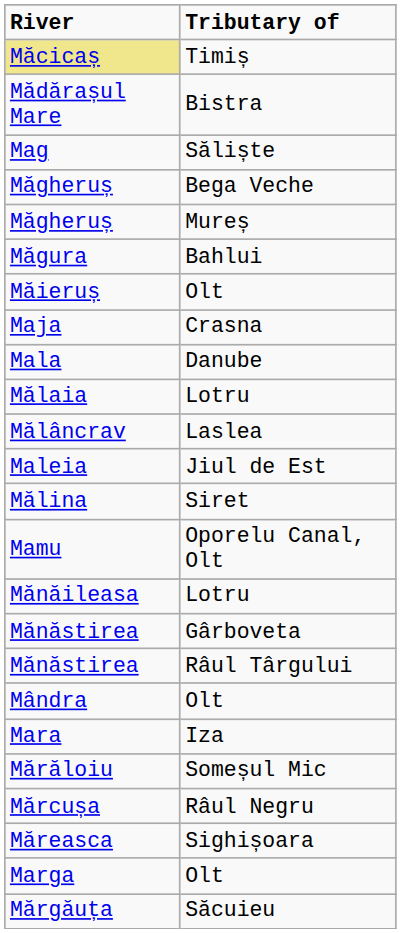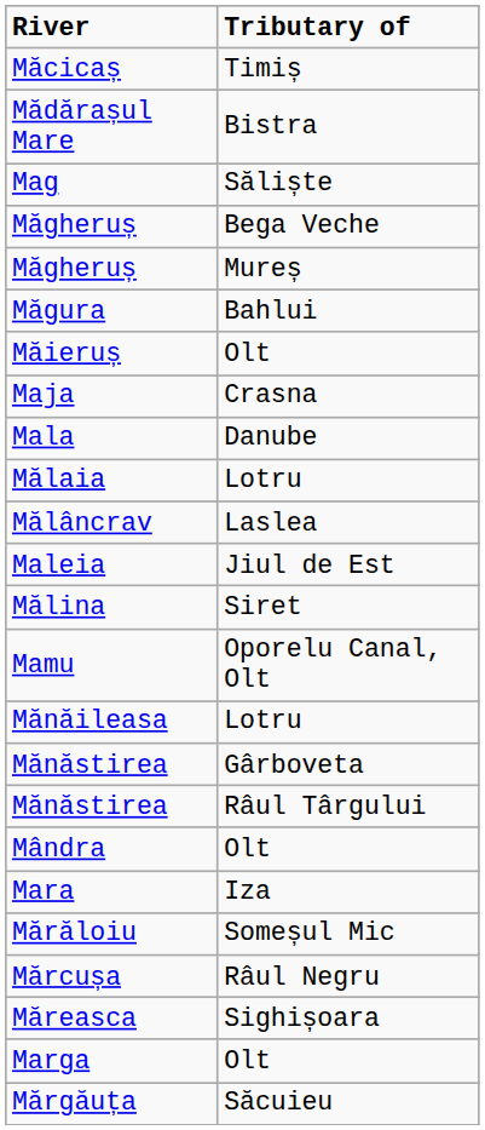 <table class="wikitable">
 <tr>
 <td width="100pt"><strong>River</strong></td>
 <td width="125pt"><strong>Tributary of</strong></td>
 </tr>
 <tr>
-<td style="background: khaki;"><a href='#'>Măcicaș</a></td>
+<td><a href='#'>Măcicaș</a></td>
 <td>Timiș</td>
 </tr>
 <tr>
 <td><a href='#'>Mădărașul Mare</a></td>
 <td>Bistra</td>
 </tr>
 <tr>
 <td><a href='#'>Mag</a></td>
 <td>Săliște</td>
 </tr>
 <tr>
 <td><a href='#'>Măgheruș</a></td>
 <td>Bega Veche</td>
 </tr>
 <tr>
 <td><a href='#'>Măgheruș</a></td>
 <td>Mureș</td>
 </tr>
 <tr>
 <td><a href='#'>Măgura</a></td>
 <td>Bahlui</td>
 </tr>
 <tr>
 <td><a href='#'>Măieruș</a></td>
 <td>Olt</td>
 </tr>
 <tr>
 <td><a href='#'>Maja</a></td>
 <td>Crasna</td>
 </tr>
 <tr>
 <td><a href='#'>Mala</a></td>
 <td>Danube</td>
 </tr>
 <tr>
 <td><a href='#'>Mălaia</a></td>
 <td>Lotru</td>
 </tr>
 <tr>
 <td><a href='#'>Mălâncrav</a></td>
 <td>Laslea</td>
 </tr>
 <tr>
 <td><a href='#'>Maleia</a></td>
 <td>Jiul de Est</td>
 </tr>
 <tr>
 <td><a href='#'>Mălina</a></td>
 <td>Siret</td>
 </tr>
 <tr>
 <td><a href='#'>Mamu</a></td>
 <td>Oporelu Canal, Olt</td>
 </tr>
 <tr>
 <td><a href='#'>Mănăileasa</a></td>
 <td>Lotru</td>
 </tr>
 <tr>
 <td><a href='#'>Mănăstirea</a></td>
 <td>Gârboveta</td>
 </tr>
 <tr>
 <td><a href='#'>Mănăstirea</a></td>
 <td>Râul Târgului</td>
 </tr>
 <tr>
 <td><a href='#'>Mândra</a></td>
 <td>Olt</td>
 </tr>
 <tr>
 <td><a href='#'>Mara</a></td>
 <td>Iza</td>
 </tr>
 <tr>
 <td><a href='#'>Mărăloiu</a></td>
 <td>Someșul Mic</td>
 </tr>
 <tr>
 <td><a href='#'>Mărcușa</a></td>
 <td>Râul Negru</td>
 </tr>
 <tr>
 <td><a href='#'>Măreasca</a></td>
 <td>Sighișoara</td>
 </tr>
 <tr>
 <td><a href='#'>Marga</a></td>
 <td>Olt</td>
 </tr>
 <tr>
 <td><a href='#'>Mărgăuța</a></td>
 <td>Săcuieu</td>
 </tr>
 </table>
